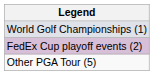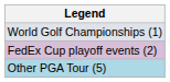 <table class="wikitable" style="font-size:95%;">
 <tr>
 <th>Legend</th>
 </tr>
 <tr style="background:#dfe2e9;">
 <td>World Golf Championships (1)</td>
 </tr>
 <tr style="background:#D8BFD8;">
 <td>FedEx Cup playoff events (2)</td>
 </tr>
 <tr>
-<td>Other PGA Tour (5)</td>
+<td style="background: lightblue;">Other PGA Tour (5)</td>
 </tr>
 </table>
